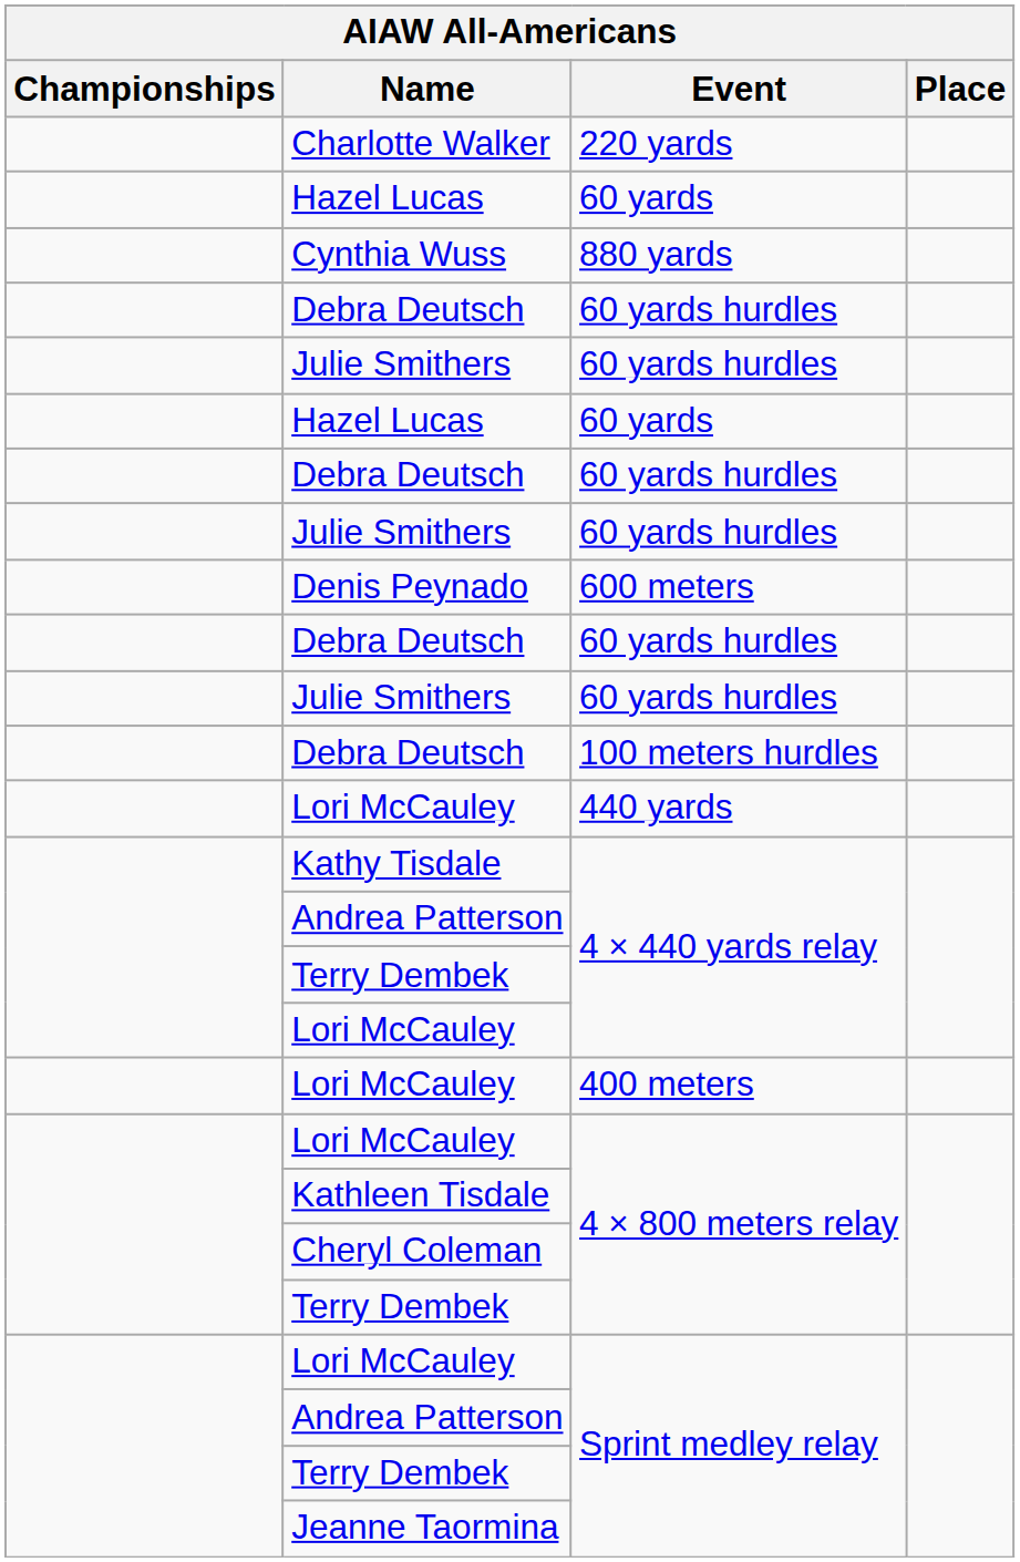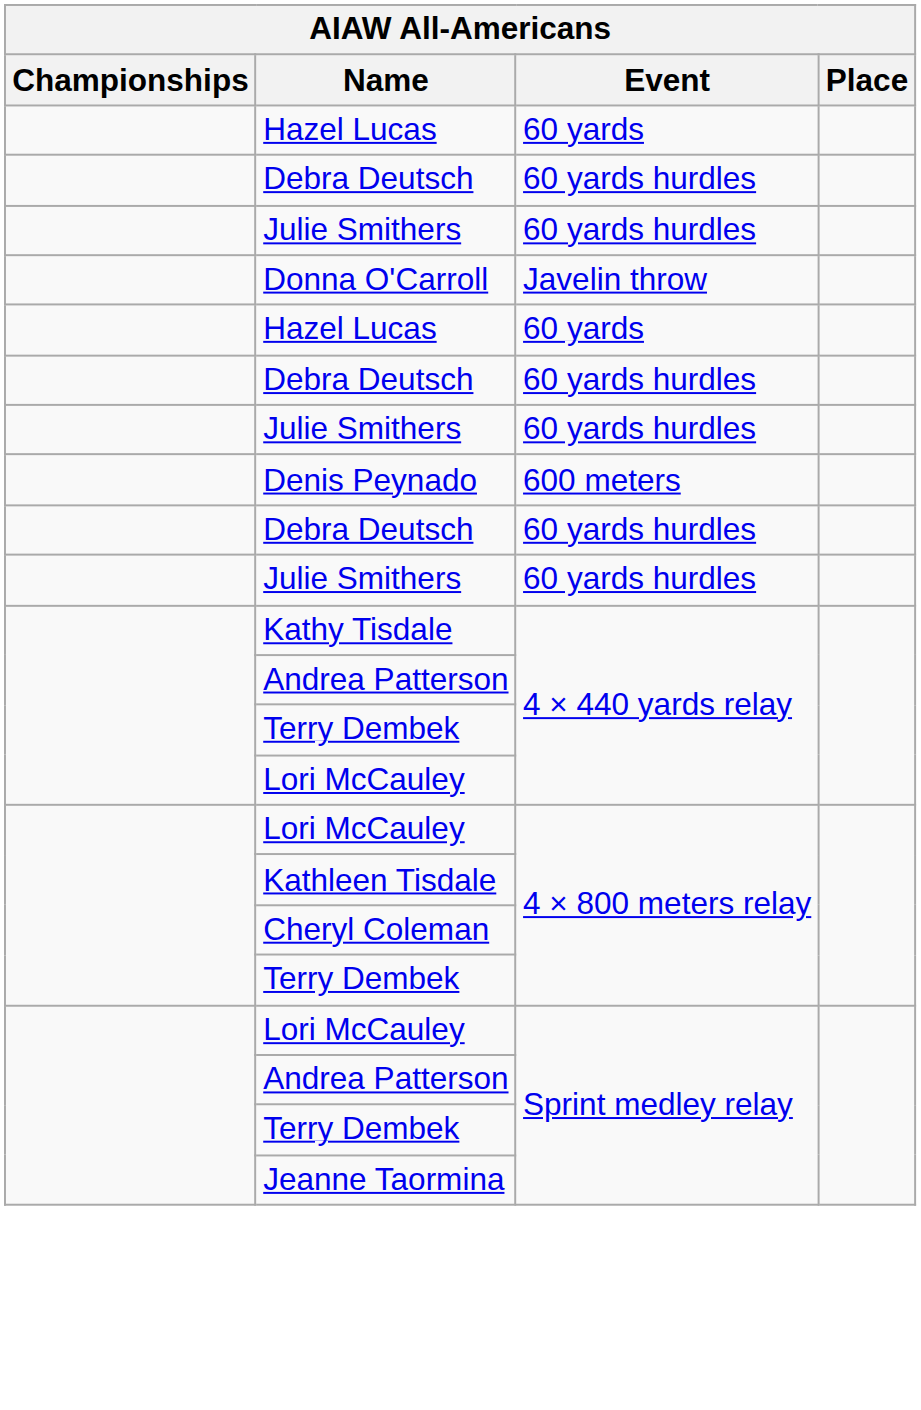 <table class="wikitable sortable">
 <tr>
 <th colspan="4">AIAW All-Americans</th>
 </tr>
 <tr>
 <th scope="col">Championships</th>
 <th scope="col">Name</th>
 <th scope="col">Event</th>
 <th scope="col">Place</th>
 </tr>
 <tr>
 <td></td>
-<td><a href='#'>Charlotte Walker</a></td>
-<td><a href='#'>220 yards</a></td>
-<td></td>
-</tr>
-<tr>
-<td></td>
 <td><a href='#'>Hazel Lucas</a></td>
 <td><a href='#'>60 yards</a></td>
-<td></td>
-</tr>
-<tr>
-<td></td>
-<td><a href='#'>Cynthia Wuss</a></td>
-<td><a href='#'>880 yards</a></td>
 <td></td>
 </tr>
 <tr>
 <td></td>
 <td><a href='#'>Debra Deutsch</a></td>
 <td><a href='#'>60 yards hurdles</a></td>
 <td></td>
 </tr>
 <tr>
 <td></td>
 <td><a href='#'>Julie Smithers</a></td>
 <td><a href='#'>60 yards hurdles</a></td>
+<td></td>
+</tr>
+<tr>
+<td></td>
+<td><a href='#'>Donna O'Carroll</a></td>
+<td><a href='#'>Javelin throw</a></td>
 <td></td>
 </tr>
 <tr>
 <td></td>
 <td><a href='#'>Hazel Lucas</a></td>
 <td><a href='#'>60 yards</a></td>
 <td></td>
 </tr>
 <tr>
 <td></td>
 <td><a href='#'>Debra Deutsch</a></td>
 <td><a href='#'>60 yards hurdles</a></td>
 <td></td>
 </tr>
 <tr>
 <td></td>
 <td><a href='#'>Julie Smithers</a></td>
 <td><a href='#'>60 yards hurdles</a></td>
 <td></td>
 </tr>
 <tr>
 <td></td>
 <td><a href='#'>Denis Peynado</a></td>
 <td><a href='#'>600 meters</a></td>
 <td></td>
 </tr>
 <tr>
 <td></td>
 <td><a href='#'>Debra Deutsch</a></td>
 <td><a href='#'>60 yards hurdles</a></td>
 <td></td>
 </tr>
 <tr>
 <td></td>
 <td><a href='#'>Julie Smithers</a></td>
 <td><a href='#'>60 yards hurdles</a></td>
 <td></td>
 </tr>
 <tr>
-<td></td>
-<td><a href='#'>Debra Deutsch</a></td>
-<td><a href='#'>100 meters hurdles</a></td>
-<td></td>
-</tr>
-<tr>
-<td></td>
-<td><a href='#'>Lori McCauley</a></td>
-<td><a href='#'>440 yards</a></td>
-<td></td>
-</tr>
-<tr>
 <td rowspan=4></td>
 <td><a href='#'>Kathy Tisdale</a></td>
 <td rowspan=4><a href='#'>4 × 440 yards relay</a></td>
 <td rowspan=4></td>
 </tr>
 <tr>
 <td><a href='#'>Andrea Patterson</a></td>
 </tr>
 <tr>
 <td><a href='#'>Terry Dembek</a></td>
 </tr>
 <tr>
 <td><a href='#'>Lori McCauley</a></td>
-</tr>
-<tr>
-<td></td>
-<td><a href='#'>Lori McCauley</a></td>
-<td><a href='#'>400 meters</a></td>
-<td></td>
 </tr>
 <tr>
 <td rowspan=4></td>
 <td><a href='#'>Lori McCauley</a></td>
 <td rowspan=4><a href='#'>4 × 800 meters relay</a></td>
 <td rowspan=4></td>
 </tr>
 <tr>
 <td><a href='#'>Kathleen Tisdale</a></td>
 </tr>
 <tr>
 <td><a href='#'>Cheryl Coleman</a></td>
 </tr>
 <tr>
 <td><a href='#'>Terry Dembek</a></td>
 </tr>
 <tr>
 <td rowspan=4></td>
 <td><a href='#'>Lori McCauley</a></td>
 <td rowspan=4><a href='#'>Sprint medley relay</a></td>
 <td rowspan=4></td>
 </tr>
 <tr>
 <td><a href='#'>Andrea Patterson</a></td>
 </tr>
 <tr>
 <td><a href='#'>Terry Dembek</a></td>
 </tr>
 <tr>
 <td><a href='#'>Jeanne Taormina</a></td>
 </tr>
 </table>
